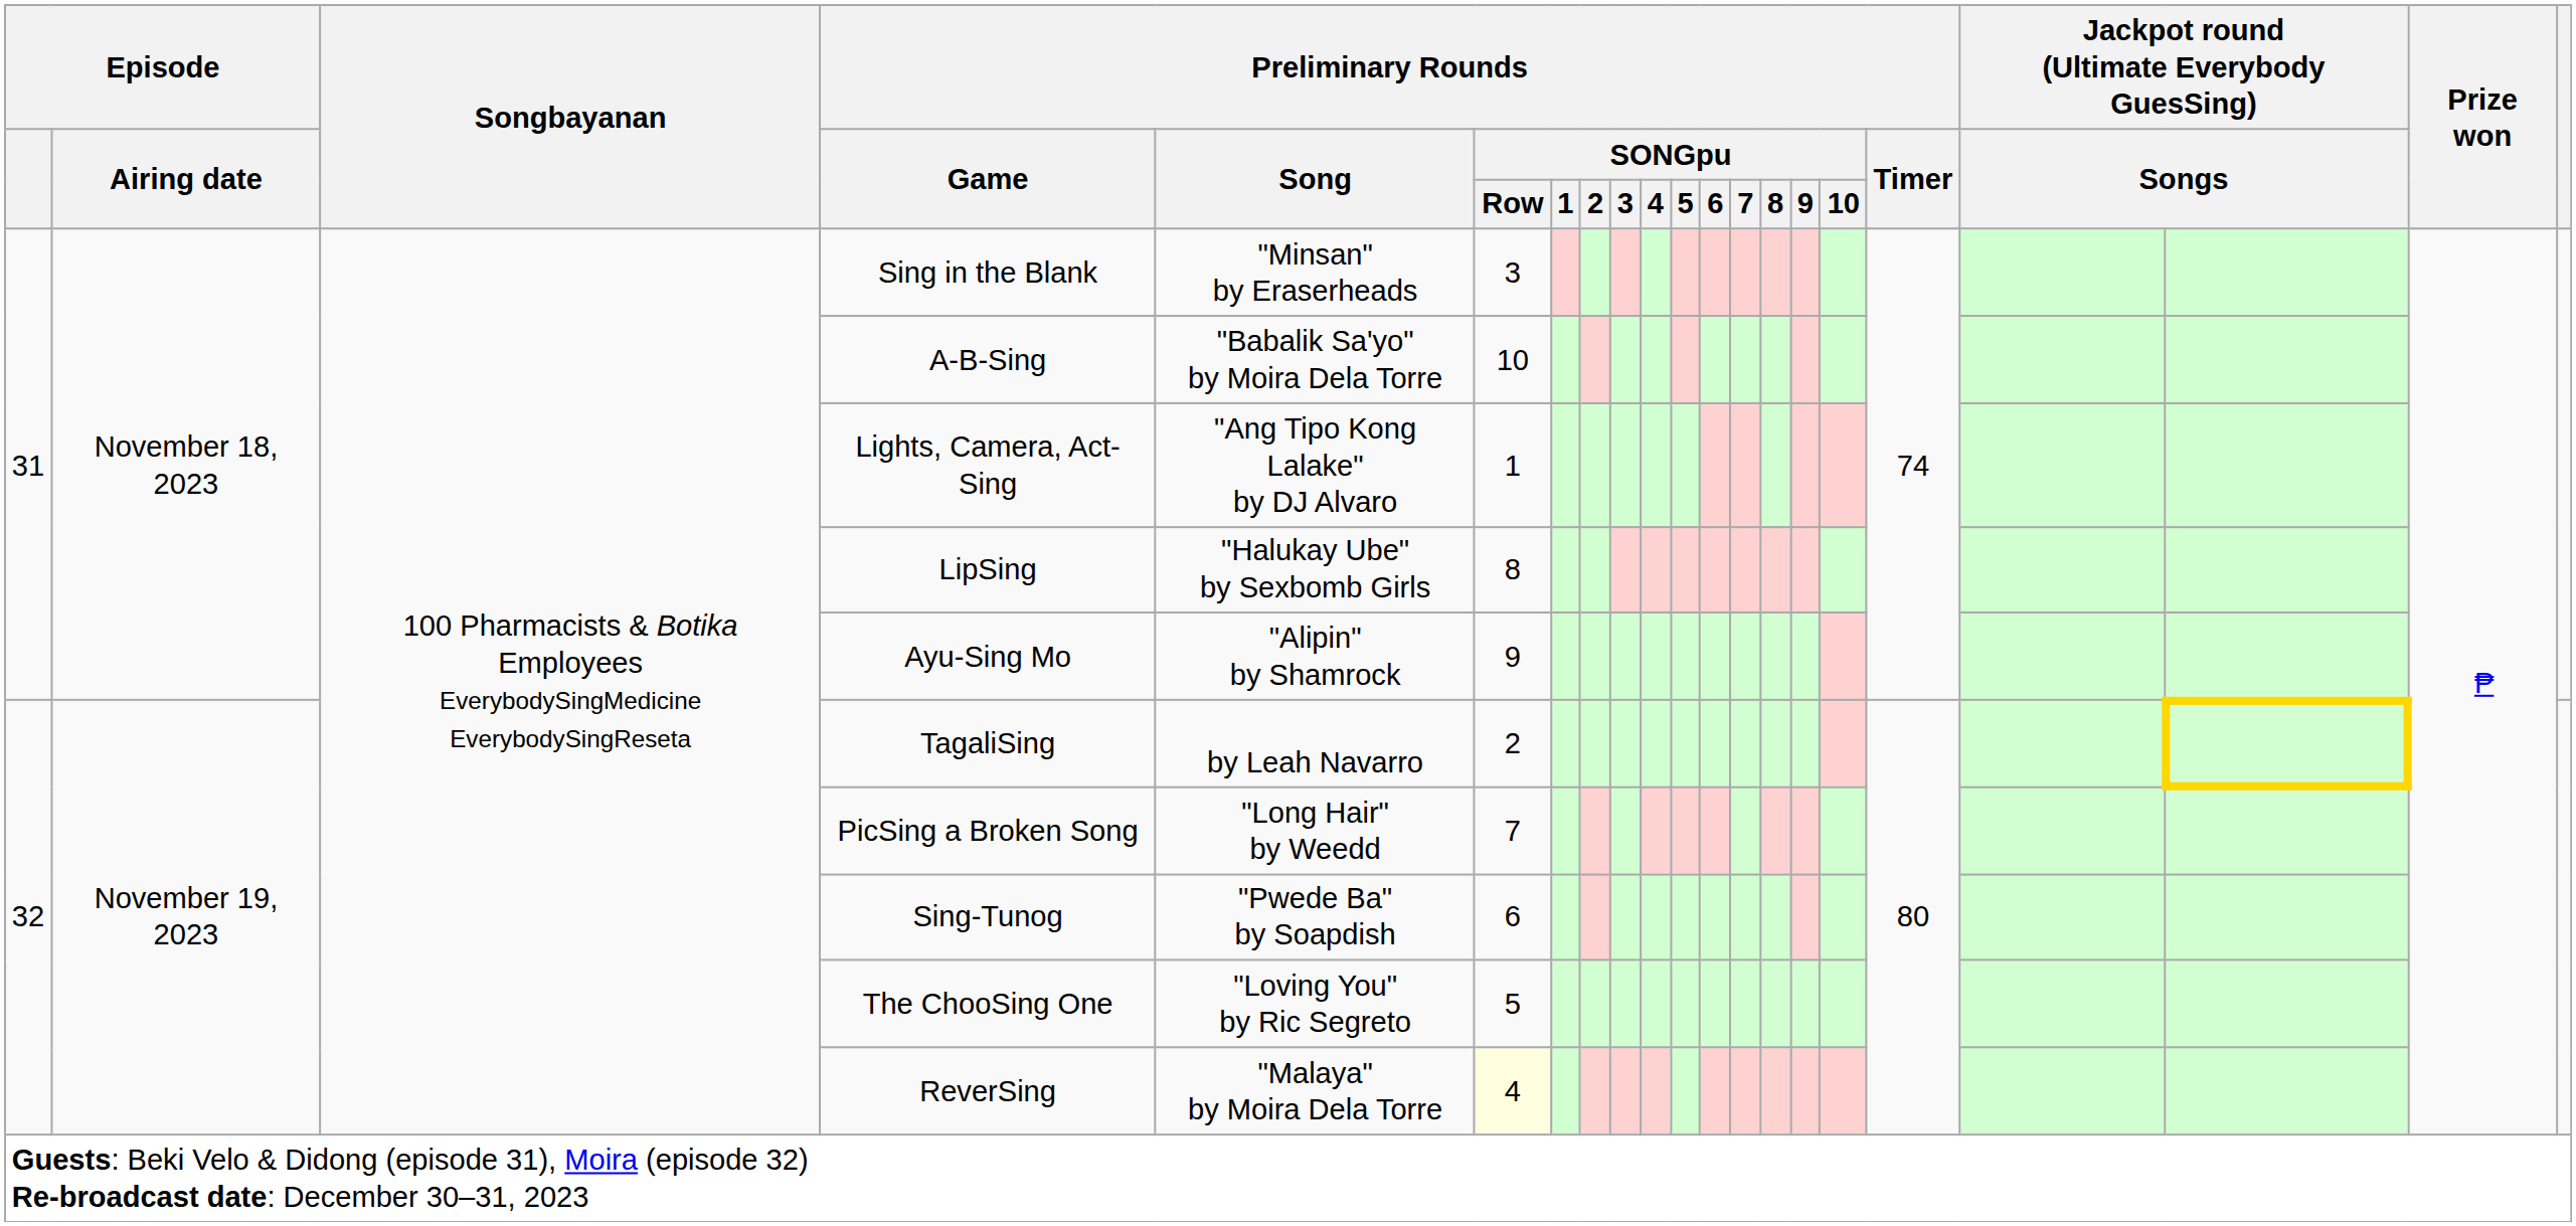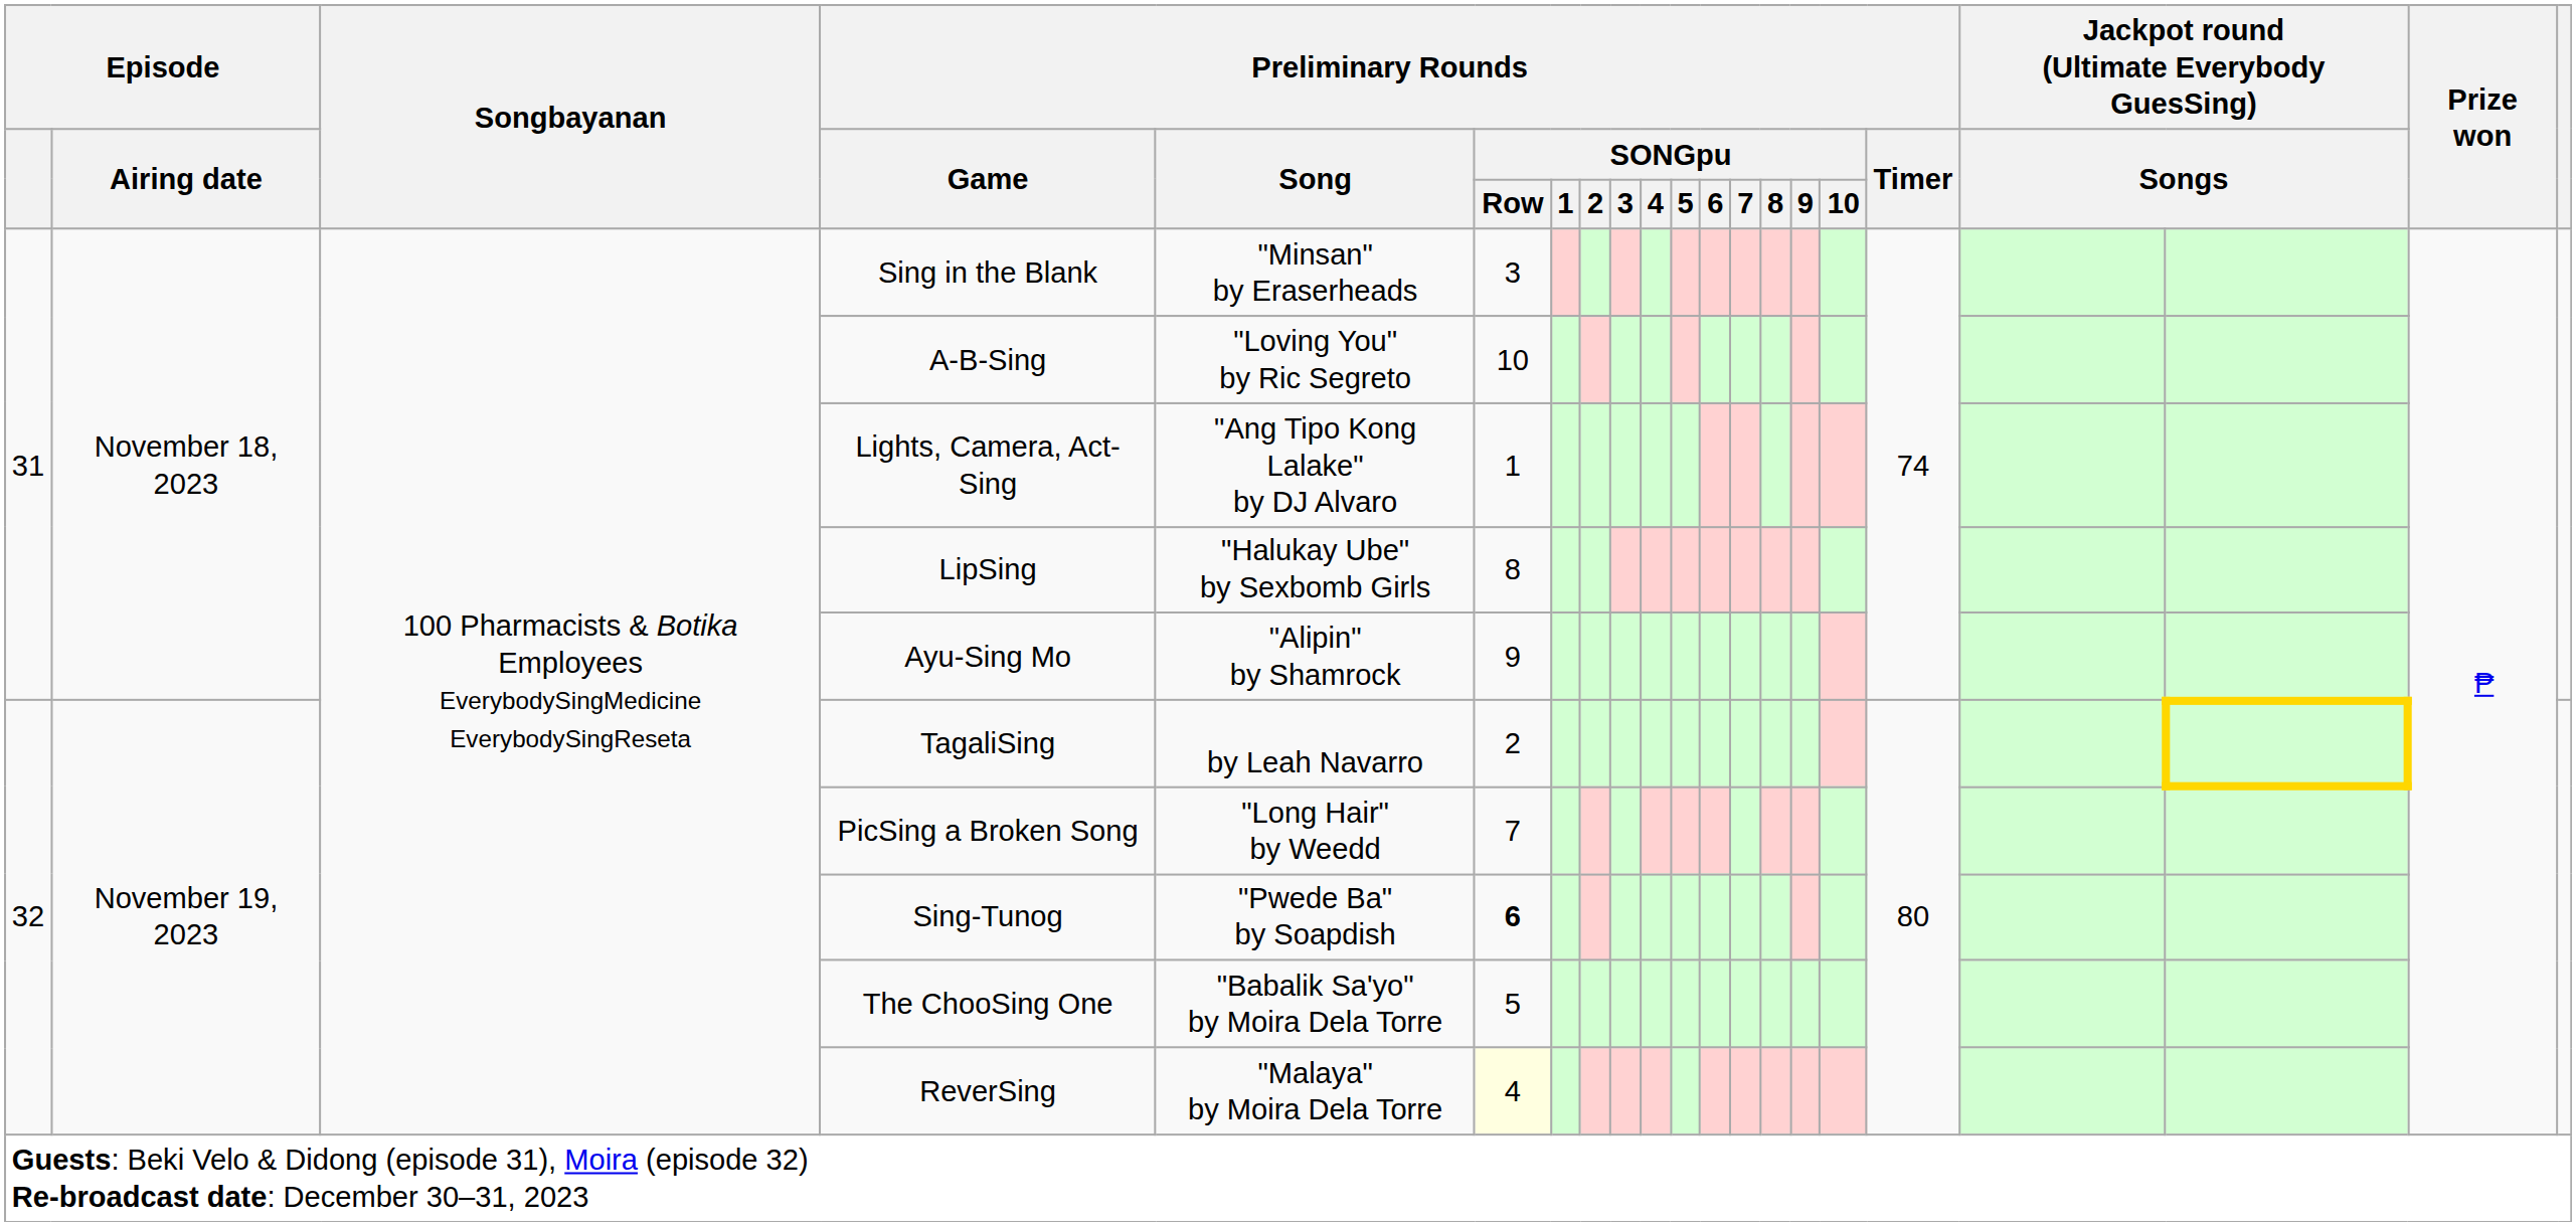 <table class="wikitable" style="text-align:center; font-size:90%; line-height:18px;" width="100%">
 <tr>
 <th colspan="2">Episode</th>
 <th rowspan="3">Songbayanan</th>
 <th colspan="14">Preliminary Rounds</th>
 <th colspan="2">Jackpot round<br><strong>(Ultimate Everybody GuesSing)</strong></th>
 <th rowspan="3">Prize won</th>
 <th rowspan="3"></th>
 </tr>
 <tr>
 <th rowspan="2"></th>
 <th rowspan="2">Airing date</th>
 <th rowspan="2">Game</th>
 <th rowspan="2">Song</th>
 <th colspan="11">SONGpu</th>
 <th rowspan="2">Timer</th>
 <th colspan="2" rowspan="2">Songs</th>
 </tr>
 <tr>
 <th>Row</th>
 <th>1</th>
 <th>2</th>
 <th>3</th>
 <th>4</th>
 <th>5</th>
 <th>6</th>
 <th>7</th>
 <th>8</th>
 <th>9</th>
 <th>10</th>
 </tr>
 <tr>
 <td rowspan="5">31</td>
 <td rowspan="5">November 18, 2023</td>
 <td rowspan="10">100 Pharmacists & <em>Botika</em> Employees<br><small>EverybodySingMedicine<br>EverybodySingReseta</small></td>
 <td>Sing in the Blank</td>
 <td>"Minsan"<br>by Eraserheads</td>
 <td>3</td>
 <td style="background:#FFD2D2"></td>
 <td style="background:#D2FFD2"></td>
 <td style="background:#FFD2D2"></td>
 <td style="background:#D2FFD2"></td>
 <td style="background:#FFD2D2"></td>
 <td style="background:#FFD2D2"></td>
 <td style="background:#FFD2D2"></td>
 <td style="background:#FFD2D2"></td>
 <td style="background:#FFD2D2"></td>
 <td style="background:#D2FFD2"></td>
 <td rowspan="5">74<br></td>
 <td style="background:#D2FFD2"></td>
 <td style="background:#D2FFD2"></td>
 <td rowspan="10"><a href='#'>₱</a></td>
 <td rowspan="5"><br></td>
 </tr>
 <tr>
 <td>A-B-Sing</td>
-<td>"Babalik Sa'yo"<br>by Moira Dela Torre</td>
+<td>"Loving You"<br>by Ric Segreto</td>
 <td>10</td>
 <td style="background:#D2FFD2"></td>
 <td style="background:#FFD2D2"></td>
 <td style="background:#D2FFD2"></td>
 <td style="background:#D2FFD2"></td>
 <td style="background:#FFD2D2"></td>
 <td style="background:#D2FFD2"></td>
 <td style="background:#D2FFD2"></td>
 <td style="background:#D2FFD2"></td>
 <td style="background:#FFD2D2"></td>
 <td style="background:#D2FFD2"></td>
 <td style="background:#D2FFD2"></td>
 <td style="background:#D2FFD2"></td>
 </tr>
 <tr>
 <td>Lights, Camera, Act-Sing</td>
 <td>"Ang Tipo Kong Lalake"<br>by DJ Alvaro</td>
 <td>1</td>
 <td style="background:#D2FFD2"></td>
 <td style="background:#D2FFD2"></td>
 <td style="background:#D2FFD2"></td>
 <td style="background:#D2FFD2"></td>
 <td style="background:#D2FFD2"></td>
 <td style="background:#FFD2D2"></td>
 <td style="background:#FFD2D2"></td>
 <td style="background:#D2FFD2"></td>
 <td style="background:#FFD2D2"></td>
 <td style="background:#FFD2D2"></td>
 <td style="background:#D2FFD2"></td>
 <td style="background:#D2FFD2"></td>
 </tr>
 <tr>
 <td>LipSing</td>
 <td>"Halukay Ube"<br>by Sexbomb Girls</td>
 <td>8</td>
 <td style="background:#D2FFD2"></td>
 <td style="background:#D2FFD2"></td>
 <td style="background:#FFD2D2"></td>
 <td style="background:#FFD2D2"></td>
 <td style="background:#FFD2D2"></td>
 <td style="background:#FFD2D2"></td>
 <td style="background:#FFD2D2"></td>
 <td style="background:#FFD2D2"></td>
 <td style="background:#FFD2D2"></td>
 <td style="background:#D2FFD2"></td>
 <td style="background:#D2FFD2"></td>
 <td style="background:#D2FFD2"></td>
 </tr>
 <tr>
 <td>Ayu-Sing Mo</td>
 <td>"Alipin"<br>by Shamrock</td>
 <td>9</td>
 <td style="background:#D2FFD2"></td>
 <td style="background:#D2FFD2"></td>
 <td style="background:#D2FFD2"></td>
 <td style="background:#D2FFD2"></td>
 <td style="background:#D2FFD2"></td>
 <td style="background:#D2FFD2"></td>
 <td style="background:#D2FFD2"></td>
 <td style="background:#D2FFD2"></td>
 <td style="background:#D2FFD2"></td>
 <td style="background:#FFD2D2"></td>
 <td style="background:#D2FFD2"></td>
 <td style="background:#D2FFD2"></td>
 </tr>
 <tr>
 <td rowspan="5">32</td>
 <td rowspan="5">November 19, 2023</td>
 <td>TagaliSing</td>
 <td><br>by Leah Navarro</td>
 <td>2</td>
 <td style="background:#D2FFD2"></td>
 <td style="background:#D2FFD2"></td>
 <td style="background:#D2FFD2"></td>
 <td style="background:#D2FFD2"></td>
 <td style="background:#D2FFD2"></td>
 <td style="background:#D2FFD2"></td>
 <td style="background:#D2FFD2"></td>
 <td style="background:#D2FFD2"></td>
 <td style="background:#D2FFD2"></td>
 <td style="background:#FFD2D2"></td>
 <td rowspan="5">80<br></td>
 <td style="background:#D2FFD2"></td>
 <td style="background:#D2FFD2; border:solid 4px #FFD700;"></td>
 <td rowspan="5"><br></td>
 </tr>
 <tr>
 <td>PicSing a Broken Song</td>
 <td>"Long Hair"<br>by Weedd</td>
 <td>7</td>
 <td style="background:#D2FFD2"></td>
 <td style="background:#FFD2D2"></td>
 <td style="background:#D2FFD2"></td>
 <td style="background:#FFD2D2"></td>
 <td style="background:#FFD2D2"></td>
 <td style="background:#FFD2D2"></td>
 <td style="background:#D2FFD2"></td>
 <td style="background:#FFD2D2"></td>
 <td style="background:#FFD2D2"></td>
 <td style="background:#D2FFD2"></td>
 <td style="background:#D2FFD2"></td>
 <td style="background:#D2FFD2"></td>
 </tr>
 <tr>
 <td>Sing-Tunog</td>
 <td>"Pwede Ba"<br>by Soapdish</td>
-<td>6</td>
+<td><strong>6</strong></td>
 <td style="background:#D2FFD2"></td>
 <td style="background:#FFD2D2"></td>
 <td style="background:#D2FFD2"></td>
 <td style="background:#D2FFD2"></td>
 <td style="background:#D2FFD2"></td>
 <td style="background:#D2FFD2"></td>
 <td style="background:#D2FFD2"></td>
 <td style="background:#D2FFD2"></td>
 <td style="background:#FFD2D2"></td>
 <td style="background:#D2FFD2"></td>
 <td style="background:#D2FFD2"></td>
 <td style="background:#D2FFD2"></td>
 </tr>
 <tr>
 <td>The ChooSing One</td>
-<td>"Loving You"<br>by Ric Segreto</td>
+<td>"Babalik Sa'yo"<br>by Moira Dela Torre</td>
 <td>5</td>
 <td style="background:#D2FFD2"></td>
 <td style="background:#D2FFD2"></td>
 <td style="background:#D2FFD2"></td>
 <td style="background:#D2FFD2"></td>
 <td style="background:#D2FFD2"></td>
 <td style="background:#D2FFD2"></td>
 <td style="background:#D2FFD2"></td>
 <td style="background:#D2FFD2"></td>
 <td style="background:#D2FFD2"></td>
 <td style="background:#D2FFD2"></td>
 <td style="background:#D2FFD2"></td>
 <td style="background:#D2FFD2"></td>
 </tr>
 <tr>
 <td>ReverSing</td>
 <td>"Malaya"<br>by Moira Dela Torre</td>
 <td style="background: lightyellow;">4</td>
 <td style="background:#D2FFD2"></td>
 <td style="background:#FFD2D2"></td>
 <td style="background:#FFD2D2"></td>
 <td style="background:#FFD2D2"></td>
 <td style="background:#D2FFD2"></td>
 <td style="background:#FFD2D2"></td>
 <td style="background:#FFD2D2"></td>
 <td style="background:#FFD2D2"></td>
 <td style="background:#FFD2D2"></td>
 <td style="background:#FFD2D2"></td>
 <td style="background:#D2FFD2"></td>
 <td style="background:#D2FFD2"></td>
 </tr>
 <tr>
 <td colspan="21" style="background:white;" align="left"><strong>Guests</strong>: Beki Velo & Didong (episode 31), <a href='#'>Moira</a> (episode 32)<br><strong>Re-broadcast date</strong>: December 30–31, 2023</td>
 </tr>
 </table>
